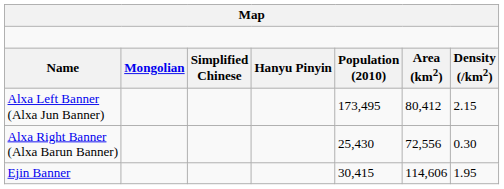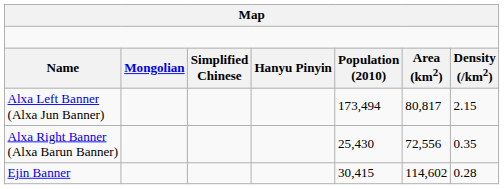 <table class="wikitable" style="font-size:90%;">
 <tr>
 <th colspan="7">Map</th>
 </tr>
 <tr>
 <td colspan="7"><div><br>       </div></td>
 </tr>
 <tr>
 <th>Name</th>
 <th><a href='#'>Mongolian</a></th>
 <th>Simplified<br>Chinese</th>
 <th>Hanyu Pinyin</th>
 <th>Population<br>(2010)</th>
 <th>Area<br>(km<sup>2</sup>)</th>
 <th>Density<br>(/km<sup>2</sup>)</th>
 </tr>
 <tr --------->
 <td><a href='#'>Alxa Left Banner</a><br>(Alxa Jun Banner)</td>
 <td><br></td>
 <td></td>
 <td></td>
-<td>173,495</td>
-<td>80,412</td>
+<td>173,494</td>
+<td>80,817</td>
 <td>2.15</td>
 </tr>
 <tr --------->
 <td><a href='#'>Alxa Right Banner</a><br>(Alxa Barun Banner)</td>
 <td><br></td>
 <td></td>
 <td></td>
 <td>25,430</td>
 <td>72,556</td>
-<td>0.30</td>
+<td>0.35</td>
 </tr>
 <tr --------->
 <td><a href='#'>Ejin Banner</a></td>
 <td><br></td>
 <td></td>
 <td></td>
 <td>30,415</td>
-<td>114,606</td>
-<td>1.95</td>
+<td>114,602</td>
+<td>0.28</td>
 </tr>
 </table>
